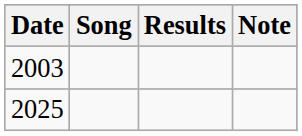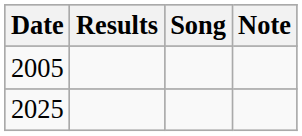 <table class="wikitable collapsible collapsed">
 <tr bgcolor="#efefef">
 <th>Date</th>
+<th>Results</th>
 <th>Song</th>
-<th>Results</th>
 <th>Note</th>
 </tr>
 <tr>
-<td>2003</td>
+<td>2005</td>
 <td></td>
 <td></td>
 <td></td>
 </tr>
 <tr>
 <td>2025</td>
 <td></td>
 <td></td>
 <td></td>
 </tr>
 </table>
